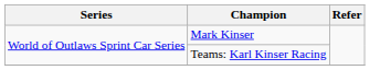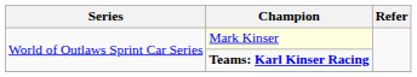 <table class="wikitable" style="font-size:87%;">
 <tr>
 <th>Series</th>
 <th>Champion</th>
 <th>Refer</th>
 </tr>
 <tr>
 <td rowspan=2><a href='#'>World of Outlaws Sprint Car Series</a></td>
-<td> <a href='#'>Mark Kinser</a></td>
+<td style="background: lightyellow;"> <a href='#'>Mark Kinser</a></td>
 <td rowspan=2></td>
 </tr>
 <tr>
-<td>Teams:  <a href='#'>Karl Kinser Racing</a></td>
+<td><strong>Teams:  <a href='#'>Karl Kinser Racing</a></strong></td>
 </tr>
 <tr>
 </tr>
 </table>
